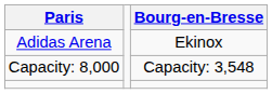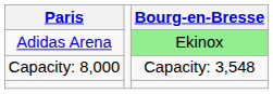 <table class="wikitable" style="margin:1em auto; text-align:center">
 <tr>
 <th><a href='#'>Paris</a></th>
 <td rowspan="4"></td>
 <th><a href='#'>Bourg-en-Bresse</a></th>
 </tr>
 <tr>
 <td><a href='#'>Adidas Arena</a></td>
-<td>Ekinox</td>
+<td style="background: lightgreen;">Ekinox</td>
 </tr>
 <tr>
 <td>Capacity: 8,000</td>
 <td>Capacity: 3,548</td>
 </tr>
 <tr>
 <td></td>
 <td></td>
 </tr>
 </table>
